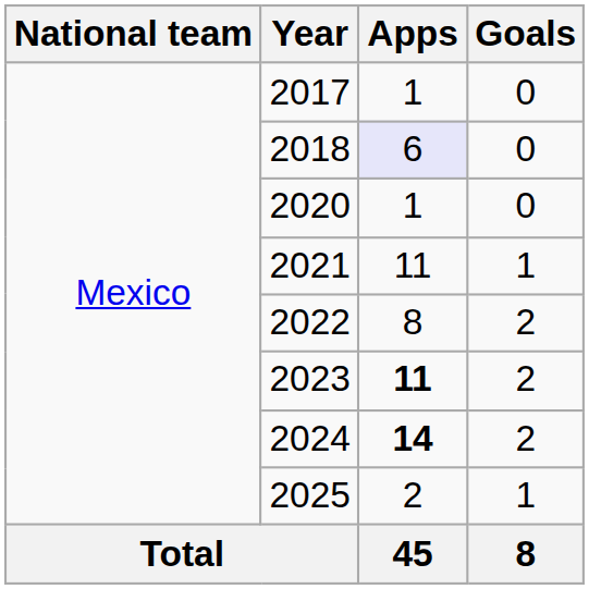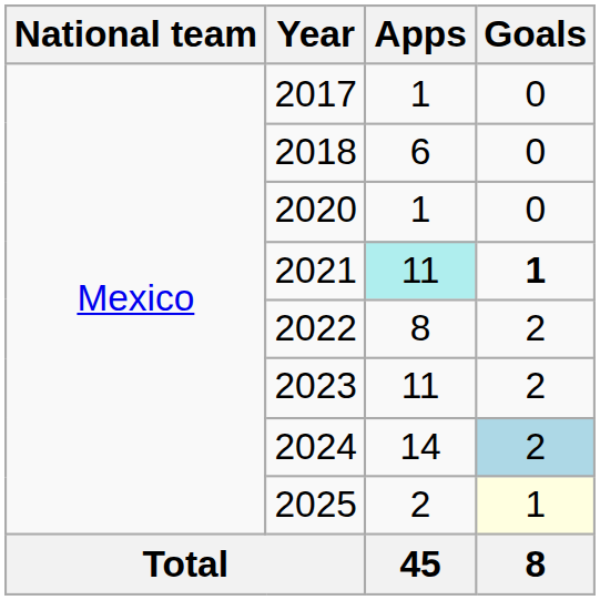 <table class="wikitable" style="text-align:center">
 <tr>
 <th>National team</th>
 <th>Year</th>
 <th>Apps</th>
 <th>Goals</th>
 </tr>
 <tr>
 <td rowspan="8"><a href='#'>Mexico</a></td>
 <td>2017</td>
 <td>1</td>
 <td>0</td>
 </tr>
 <tr>
 <td>2018</td>
-<td style="background: lavender;">6</td>
+<td>6</td>
 <td>0</td>
 </tr>
 <tr>
 <td>2020</td>
 <td>1</td>
 <td>0</td>
 </tr>
 <tr>
 <td>2021</td>
-<td>11</td>
-<td>1</td>
+<td style="background: paleturquoise;">11</td>
+<td><strong>1</strong></td>
 </tr>
 <tr>
 <td>2022</td>
 <td>8</td>
 <td>2</td>
 </tr>
 <tr>
 <td>2023</td>
-<td><strong>11</strong></td>
+<td>11</td>
 <td>2</td>
 </tr>
 <tr>
 <td>2024</td>
-<td><strong>14</strong></td>
-<td>2</td>
+<td>14</td>
+<td style="background: lightblue;">2</td>
 </tr>
 <tr>
 <td>2025</td>
 <td>2</td>
-<td>1</td>
+<td style="background: lightyellow;">1</td>
 </tr>
 <tr>
 <th colspan="2">Total</th>
 <th>45</th>
 <th>8</th>
 </tr>
 </table>
